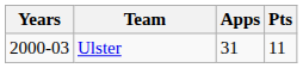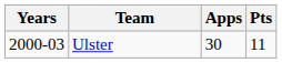 <table class="wikitable" style="text-align:left;">
 <tr>
 <th>Years</th>
 <th width=120px>Team</th>
 <th>Apps</th>
 <th>Pts</th>
 </tr>
 <tr>
 <td>2000-03</td>
 <td><a href='#'>Ulster</a></td>
-<td>31</td>
+<td>30</td>
 <td>11</td>
 </tr>
 </table>
